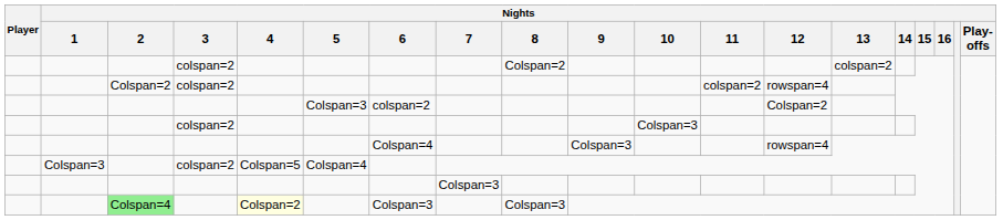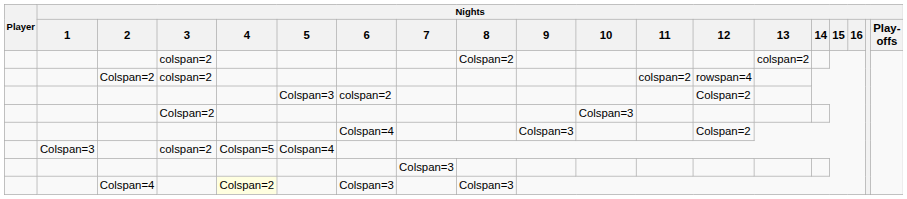 <table class="wikitable">
 <tr style="font-size:10pt;font-weight:bold">
 <th rowspan=2>Player</th>
 <th colspan=18>Nights</th>
 </tr>
 <tr>
 <th style="width:20px;">1</th>
 <th style="width:20px;">2</th>
 <th style="width:20px;">3</th>
 <th style="width:20px;">4</th>
 <th style="width:20px;">5</th>
 <th style="width:20px;">6</th>
 <th style="width:20px;">7</th>
 <th style="width:20px;">8</th>
 <th style="width:20px;">9</th>
 <th style="width:20px;">10</th>
 <th style="width:20px;">11</th>
 <th style="width:20px;">12</th>
 <th style="width:20px;">13</th>
 <th style="width:20px;">14</th>
 <th style="width:20px;">15</th>
 <th style="width:20px;">16</th>
 <th rowspan=9></th>
 <th>Play-offs</th>
 </tr>
 <tr>
 <td></td>
 <td></td>
 <td></td>
 <td>colspan=2 </td>
 <td></td>
 <td></td>
 <td></td>
 <td></td>
 <td>Colspan=2 </td>
 <td></td>
 <td></td>
 <td></td>
 <td></td>
 <td>colspan=2 </td>
 <td></td>
 </tr>
 <tr>
 <td></td>
 <td></td>
 <td>Colspan=2 </td>
 <td>colspan=2 </td>
 <td></td>
 <td></td>
 <td></td>
 <td></td>
 <td></td>
 <td></td>
 <td></td>
 <td>colspan=2 </td>
 <td>rowspan=4 </td>
 <td></td>
 </tr>
 <tr>
 <td></td>
 <td></td>
 <td></td>
 <td></td>
 <td></td>
 <td>Colspan=3 </td>
 <td>colspan=2 </td>
 <td></td>
 <td></td>
 <td></td>
 <td></td>
 <td></td>
 <td>Colspan=2 </td>
 <td></td>
 </tr>
 <tr>
 <td></td>
 <td></td>
 <td></td>
-<td>colspan=2 </td>
+<td>Colspan=2 </td>
 <td></td>
 <td></td>
 <td></td>
 <td></td>
 <td></td>
 <td></td>
 <td>Colspan=3 </td>
 <td></td>
 <td></td>
 <td></td>
 <td></td>
 </tr>
 <tr>
 <td></td>
 <td></td>
 <td></td>
 <td></td>
 <td></td>
 <td></td>
 <td>Colspan=4 </td>
 <td></td>
 <td></td>
 <td>Colspan=3 </td>
 <td></td>
 <td></td>
-<td>rowspan=4 </td>
+<td>Colspan=2 </td>
 </tr>
 <tr>
 <td></td>
 <td>Colspan=3 </td>
 <td></td>
 <td>colspan=2 </td>
 <td>Colspan=5 </td>
 <td>Colspan=4 </td>
 <td></td>
 </tr>
 <tr>
 <td></td>
 <td></td>
 <td></td>
 <td></td>
 <td></td>
 <td></td>
 <td></td>
 <td>Colspan=3 </td>
 <td></td>
 <td></td>
 <td></td>
 <td></td>
 <td></td>
 <td></td>
 <td></td>
 </tr>
 <tr>
 <td></td>
 <td></td>
-<td style="background: lightgreen;">Colspan=4 </td>
+<td>Colspan=4 </td>
 <td></td>
 <td style="background: lightyellow;">Colspan=2 </td>
 <td></td>
 <td>Colspan=3 </td>
 <td></td>
 <td>Colspan=3 </td>
 </tr>
 </table>
